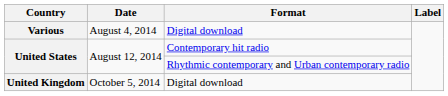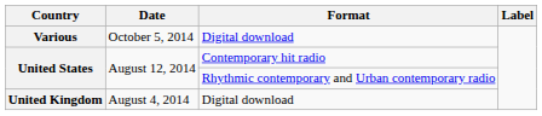 <table class="wikitable sortable plainrowheaders">
 <tr>
 <th scope="col">Country</th>
 <th scope="col">Date</th>
 <th scope="col">Format</th>
 <th scope="col">Label</th>
 </tr>
 <tr>
 <th scope="row">Various</th>
-<td>August 4, 2014</td>
+<td>October 5, 2014</td>
 <td><a href='#'>Digital download</a></td>
 <td rowspan="4"></td>
 </tr>
 <tr>
 <th scope="row" rowspan="2">United States</th>
 <td rowspan="2">August 12, 2014</td>
 <td><a href='#'>Contemporary hit radio</a></td>
 </tr>
 <tr>
 <td><a href='#'>Rhythmic contemporary</a> and <a href='#'>Urban contemporary radio</a></td>
 </tr>
 <tr>
 <th scope="row">United Kingdom</th>
-<td>October 5, 2014</td>
+<td>August 4, 2014</td>
 <td>Digital download</td>
 </tr>
 </table>
